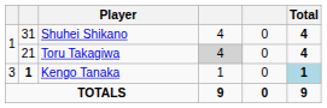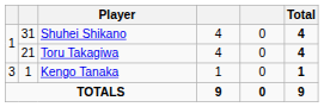 <table class="wikitable sortable" style="text-align:center">
 <tr>
 <th width=10></th>
 <th width=10></th>
 <th width=200>Player</th>
 <th width=50></th>
 <th width=50></th>
 <th>Total</th>
 </tr>
 <tr>
 <td rowspan="2">1</td>
 <td>31</td>
 <td align="left"> <a href='#'>Shuhei Shikano</a></td>
 <td>4</td>
 <td>0</td>
 <td><strong>4</strong></td>
 </tr>
 <tr>
 <td>21</td>
 <td align="left"> <a href='#'>Toru Takagiwa</a></td>
-<td style="background: lightgrey;">4</td>
+<td>4</td>
 <td>0</td>
 <td><strong>4</strong></td>
 </tr>
 <tr>
 <td>3</td>
-<td><strong>1</strong></td>
+<td>1</td>
 <td align="left"> <a href='#'>Kengo Tanaka</a></td>
 <td>1</td>
 <td>0</td>
-<td style="background: lightblue;"><strong>1</strong></td>
+<td><strong>1</strong></td>
 </tr>
 <tr>
 <td colspan="3"><strong>TOTALS</strong></td>
 <td><strong>9</strong></td>
 <td><strong>0</strong></td>
 <td><strong>9</strong></td>
 </tr>
 </table>
